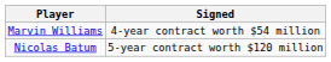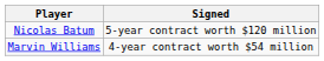 <table class="wikitable sortable sortable">
 <tr>
 <th>Player</th>
 <th>Signed</th>
 </tr>
 <tr style="text-align: center">
+<td><a href='#'>Nicolas Batum</a></td>
+<td>5-year contract worth $120 million</td>
+</tr>
+<tr style="text-align: center">
 <td><a href='#'>Marvin Williams</a></td>
 <td>4-year contract worth $54 million</td>
 </tr>
-<tr style="text-align: center">
-<td><a href='#'>Nicolas Batum</a></td>
-<td>5-year contract worth $120 million</td>
-</tr>
 </table>
